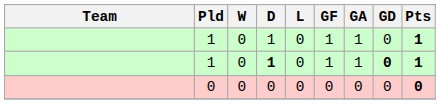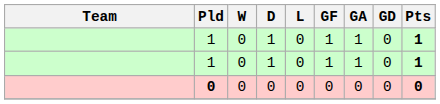 <table class="wikitable" style="text-align:center;">
 <tr>
 <th width=165>Team</th>
 <th width=20>Pld</th>
 <th width=20>W</th>
 <th width=20>D</th>
 <th width=20>L</th>
 <th width=20>GF</th>
 <th width=20>GA</th>
 <th width=20>GD</th>
 <th width=20>Pts</th>
 </tr>
 <tr align=center bgcolor="ccffcc">
 <td style="text-align:left;"></td>
 <td>1</td>
 <td>0</td>
 <td>1</td>
 <td>0</td>
 <td>1</td>
 <td>1</td>
 <td>0</td>
 <td><strong>1</strong></td>
 </tr>
 <tr align=center bgcolor="ccffcc">
 <td style="text-align:left;"></td>
 <td>1</td>
 <td>0</td>
-<td><strong>1</strong></td>
+<td>1</td>
 <td>0</td>
 <td>1</td>
 <td>1</td>
-<td><strong>0</strong></td>
+<td>0</td>
 <td><strong>1</strong></td>
 </tr>
 <tr align=center bgcolor="ffcccc">
 <td style="text-align:left;"></td>
-<td>0</td>
+<td><strong>0</strong></td>
 <td>0</td>
 <td>0</td>
 <td>0</td>
 <td>0</td>
 <td>0</td>
 <td>0</td>
 <td><strong>0</strong></td>
 </tr>
 <tr>
 </tr>
 </table>
